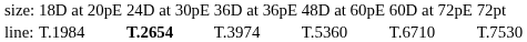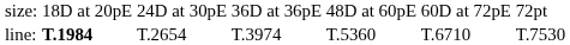 <table style="margin-left:40px;">
 <tr>
 <td>size:</td>
 <td>18D at 20pE</td>
 <td>24D at 30pE</td>
 <td>36D at 36pE</td>
 <td>48D at 60pE</td>
 <td>60D at 72pE</td>
 <td>72pt</td>
 </tr>
 <tr>
 <td>line:</td>
-<td>T.1984</td>
-<td><strong>T.2654</strong></td>
+<td><strong>T.1984</strong></td>
+<td>T.2654</td>
 <td>T.3974</td>
 <td>T.5360</td>
 <td>T.6710</td>
 <td>T.7530</td>
 </tr>
 </table>
